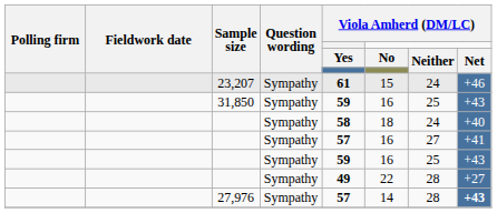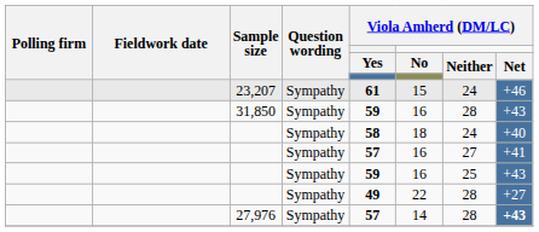 <table class="wikitable" style="text-align:center;font-size:90%;line-height:14px;">
 <tr style="height:40px;">
 <th style="width:80px;" rowspan="4">Polling firm</th>
 <th style="width:130px;" rowspan="4">Fieldwork date</th>
 <th style="width:35px;" rowspan="4">Sample<br>size</th>
 <th style="width:60px;" rowspan="4">Question wording</th>
 <th colspan="4"><a href='#'>Viola Amherd</a> (<a href='#'>DM/LC</a>)</th>
 </tr>
 <tr>
 <th style="background:"></th>
 </tr>
 <tr>
 <th style="width:40px;">Yes</th>
 <th style="width:40px;">No</th>
 <th style="width:30px;" rowspan="2">Neither</th>
 <th style="width:30px;" rowspan="2">Net</th>
 </tr>
 <tr>
 <th style="background:#47729E;"></th>
 <th style="background:#8B8B54;"></th>
 </tr>
 <tr style="background:#E9E9E9;">
 <td></td>
 <td></td>
 <td>23,207</td>
 <td>Sympathy</td>
 <td style="background:#"><strong>61</strong></td>
 <td>15</td>
 <td>24</td>
 <td style="background:#47729E;color:#FFFFFF;">+46</td>
 </tr>
 <tr>
 <td></td>
 <td></td>
 <td>31,850</td>
 <td>Sympathy</td>
 <td style="background:#"><strong>59</strong></td>
 <td>16</td>
-<td>25</td>
+<td>28</td>
 <td style="background:#47729E;color:#FFFFFF;">+43</td>
 </tr>
 <tr>
 <td></td>
 <td></td>
 <td></td>
 <td>Sympathy</td>
 <td style="background:#"><strong>58</strong></td>
 <td>18</td>
 <td>24</td>
 <td style="background:#47729E;color:#FFFFFF;">+40</td>
 </tr>
 <tr>
 <td></td>
 <td></td>
 <td></td>
 <td>Sympathy</td>
 <td style="background:#"><strong>57</strong></td>
 <td>16</td>
 <td>27</td>
 <td style="background:#47729E;color:#FFFFFF;">+41</td>
 </tr>
 <tr>
 <td></td>
 <td></td>
 <td></td>
 <td>Sympathy</td>
 <td style="background:#"><strong>59</strong></td>
 <td>16</td>
 <td>25</td>
 <td style="background:#47729E;color:#FFFFFF;">+43</td>
 </tr>
 <tr>
 <td></td>
 <td></td>
 <td></td>
 <td>Sympathy</td>
 <td style="background:#"><strong>49</strong></td>
 <td>22</td>
 <td>28</td>
 <td style="background:#47729E;color:#FFFFFF;">+27</td>
 </tr>
 <tr>
 <td></td>
 <td></td>
 <td>27,976</td>
 <td>Sympathy</td>
 <td style="background:#"><strong>57</strong></td>
 <td>14</td>
 <td>28</td>
 <td style="background:#47729E;color:#FFFFFF;"><strong>+43</strong></td>
 </tr>
 <tr>
 </tr>
 </table>
